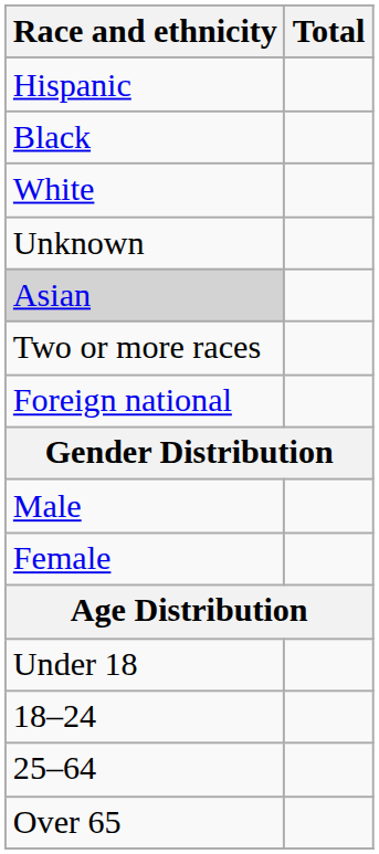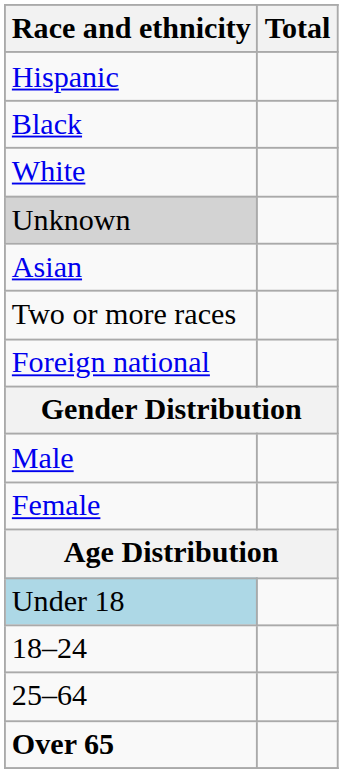 <table class="wikitable floatright sortable collapsible"; text-align:right; font-size:80%;">
 <tr>
 <th>Race and ethnicity</th>
 <th colspan="2" data-sort-type=number>Total</th>
 </tr>
 <tr>
 <td><a href='#'>Hispanic</a></td>
 <td align=right></td>
 </tr>
 <tr>
 <td><a href='#'>Black</a></td>
 <td align=right></td>
 </tr>
 <tr>
 <td><a href='#'>White</a></td>
 <td align=right></td>
 </tr>
 <tr>
-<td>Unknown</td>
+<td style="background: lightgrey;">Unknown</td>
 <td align=right></td>
 </tr>
 <tr>
-<td style="background: lightgrey;"><a href='#'>Asian</a></td>
+<td><a href='#'>Asian</a></td>
 <td align=right></td>
 </tr>
 <tr>
 <td>Two or more races</td>
 <td align=right></td>
 </tr>
 <tr>
 <td><a href='#'>Foreign national</a></td>
 <td align=right></td>
 </tr>
 <tr>
 <th colspan="4" data-sort-type=number>Gender Distribution</th>
 </tr>
 <tr>
 <td><a href='#'>Male</a></td>
 <td align=right></td>
 </tr>
 <tr>
 <td><a href='#'>Female</a></td>
 <td align=right></td>
 </tr>
 <tr>
 <th colspan="4" data-sort-type=number>Age Distribution</th>
 </tr>
 <tr>
-<td>Under 18</td>
+<td style="background: lightblue;">Under 18</td>
 <td align=right></td>
 </tr>
 <tr>
 <td>18–24</td>
 <td align=right></td>
 </tr>
 <tr>
 <td>25–64</td>
 <td align=right></td>
 </tr>
 <tr>
-<td>Over 65</td>
+<td><strong>Over 65</strong></td>
 <td align=right></td>
 </tr>
 <tr>
 </tr>
 </table>
